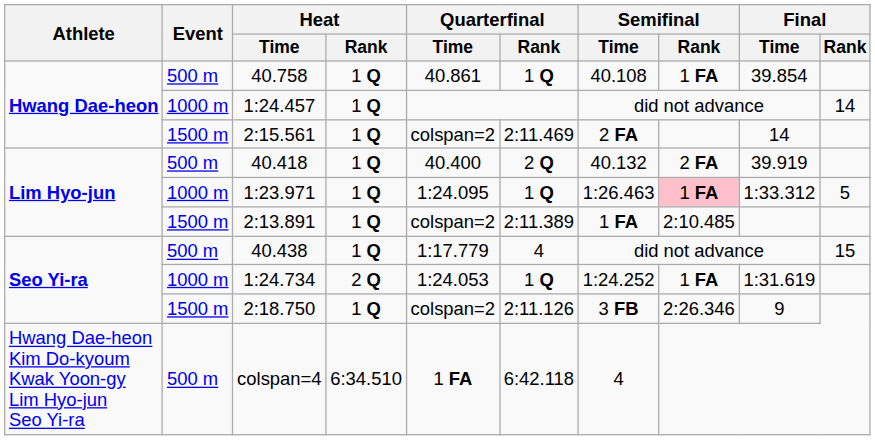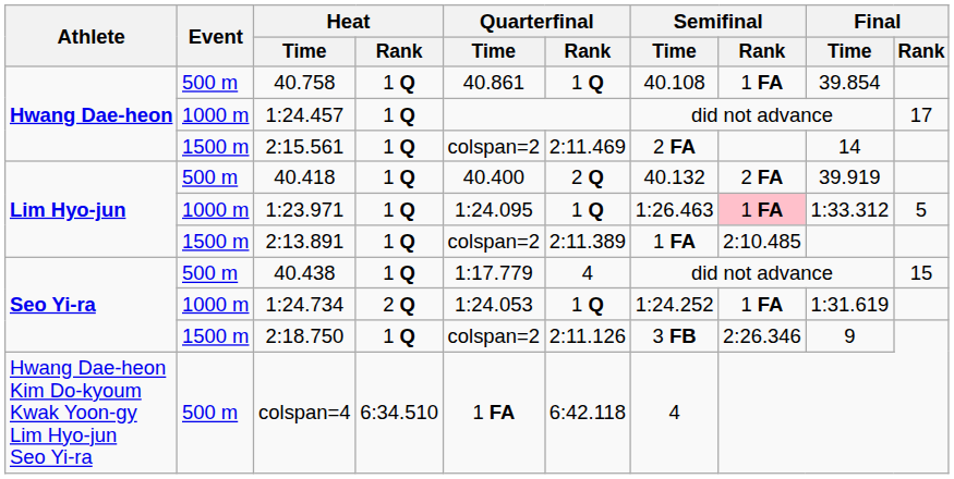 <table class="wikitable" style="font-size:90%">
 <tr>
 <th rowspan=2>Athlete</th>
 <th rowspan=2>Event</th>
 <th colspan=2>Heat</th>
 <th colspan=2>Quarterfinal</th>
 <th colspan=2>Semifinal</th>
 <th colspan=2>Final</th>
 </tr>
 <tr style="font-size:95%">
 <th>Time</th>
 <th>Rank</th>
 <th>Time</th>
 <th>Rank</th>
 <th>Time</th>
 <th>Rank</th>
 <th>Time</th>
 <th>Rank</th>
 </tr>
 <tr align=center>
 <td align=left rowspan=3><strong><a href='#'>Hwang Dae-heon</a></strong></td>
 <td align=left><a href='#'>500 m</a></td>
 <td>40.758</td>
 <td>1 <strong>Q</strong></td>
 <td>40.861</td>
 <td>1 <strong>Q</strong></td>
 <td>40.108</td>
 <td>1 <strong>FA</strong></td>
 <td>39.854</td>
 <td></td>
 </tr>
 <tr align=center>
 <td align=left><a href='#'>1000 m</a></td>
 <td>1:24.457</td>
 <td>1 <strong>Q</strong></td>
 <td colspan=2></td>
 <td colspan="3">did not advance</td>
-<td>14</td>
+<td>17</td>
 </tr>
 <tr align=center>
 <td align=left><a href='#'>1500 m</a></td>
 <td>2:15.561</td>
 <td>1 <strong>Q</strong></td>
 <td>colspan=2 </td>
 <td>2:11.469</td>
 <td>2 <strong>FA</strong></td>
 <td></td>
 <td>14</td>
 </tr>
 <tr align=center>
 <td align=left rowspan=3><strong><a href='#'>Lim Hyo-jun</a></strong></td>
 <td align=left><a href='#'>500 m</a></td>
 <td>40.418</td>
 <td>1 <strong>Q</strong></td>
 <td>40.400</td>
 <td>2 <strong>Q</strong></td>
 <td>40.132</td>
 <td>2 <strong>FA</strong></td>
 <td>39.919</td>
 <td></td>
 </tr>
 <tr align=center>
 <td align=left><a href='#'>1000 m</a></td>
 <td>1:23.971</td>
 <td>1 <strong>Q</strong></td>
 <td>1:24.095</td>
 <td>1 <strong>Q</strong></td>
 <td>1:26.463</td>
 <td style="background: pink;">1 <strong>FA</strong></td>
 <td>1:33.312</td>
 <td>5</td>
 </tr>
 <tr align=center>
 <td align=left><a href='#'>1500 m</a></td>
 <td>2:13.891</td>
 <td>1 <strong>Q</strong></td>
 <td>colspan=2 </td>
 <td>2:11.389</td>
 <td>1 <strong>FA</strong></td>
 <td>2:10.485 </td>
 <td></td>
 </tr>
 <tr align=center>
 <td align=left rowspan=3><strong><a href='#'>Seo Yi-ra</a></strong></td>
 <td align=left><a href='#'>500 m</a></td>
 <td>40.438</td>
 <td>1 <strong>Q</strong></td>
 <td>1:17.779</td>
 <td>4</td>
 <td colspan="3">did not advance</td>
 <td>15</td>
 </tr>
 <tr align=center>
 <td align=left><a href='#'>1000 m</a></td>
 <td>1:24.734</td>
 <td>2 <strong>Q</strong></td>
 <td>1:24.053</td>
 <td>1 <strong>Q</strong></td>
 <td>1:24.252</td>
 <td>1 <strong>FA</strong></td>
 <td>1:31.619</td>
 <td></td>
 </tr>
 <tr align=center>
 <td align=left><a href='#'>1500 m</a></td>
 <td>2:18.750</td>
 <td>1 <strong>Q</strong></td>
 <td>colspan=2 </td>
 <td>2:11.126</td>
 <td>3 <strong>FB</strong></td>
 <td>2:26.346</td>
 <td>9</td>
 </tr>
 <tr align=center>
 <td align=left><a href='#'>Hwang Dae-heon</a><br><a href='#'>Kim Do-kyoum</a><br><a href='#'>Kwak Yoon-gy</a><br><a href='#'>Lim Hyo-jun</a><br><a href='#'>Seo Yi-ra</a></td>
 <td align=left><a href='#'>500 m</a></td>
 <td>colspan=4 </td>
 <td>6:34.510 </td>
 <td>1 <strong>FA</strong></td>
 <td>6:42.118</td>
 <td>4</td>
 </tr>
 </table>
